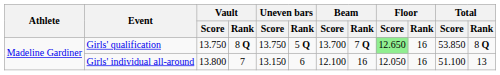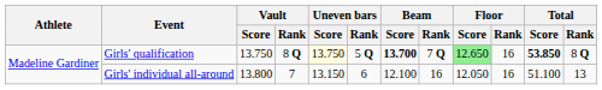 <table class="wikitable" border="1" style="font-size:90%">
 <tr>
 <th rowspan=2>Athlete</th>
 <th rowspan=2>Event</th>
 <th colspan=2>Vault</th>
 <th colspan=2>Uneven bars</th>
 <th colspan=2>Beam</th>
 <th colspan=2>Floor</th>
 <th colspan=2>Total</th>
 </tr>
 <tr>
 <th>Score</th>
 <th>Rank</th>
 <th>Score</th>
 <th>Rank</th>
 <th>Score</th>
 <th>Rank</th>
 <th>Score</th>
 <th>Rank</th>
 <th>Score</th>
 <th>Rank</th>
 </tr>
 <tr>
 <td rowspan=2><a href='#'>Madeline Gardiner</a></td>
 <td><a href='#'>Girls' qualification</a></td>
 <td align=center>13.750</td>
 <td align=center>8 <strong>Q</strong></td>
-<td align=center>13.750</td>
+<td align=center style="background: lightyellow;">13.750</td>
 <td align=center>5 <strong>Q</strong></td>
-<td align=center>13.700</td>
+<td align=center><strong>13.700</strong></td>
 <td align=center>7 <strong>Q</strong></td>
 <td align=center style="background: lightgreen;">12.650</td>
 <td align=center>16</td>
-<td align=center>53.850</td>
+<td align=center><strong>53.850</strong></td>
 <td align=center>8 <strong>Q</strong></td>
 </tr>
 <tr>
 <td><a href='#'>Girls' individual all-around</a></td>
 <td align=center>13.800</td>
 <td align=center>7</td>
 <td align=center>13.150</td>
 <td align=center>6</td>
 <td align=center>12.100</td>
 <td align=center>16</td>
 <td align=center>12.050</td>
 <td align=center>16</td>
 <td align=center>51.100</td>
 <td align=center>13</td>
 </tr>
 </table>
